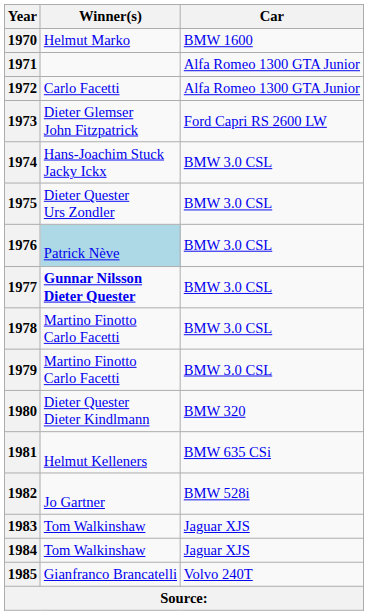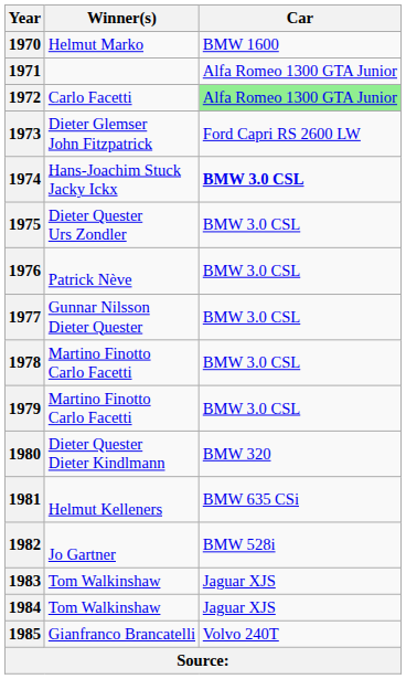 <table class="wikitable" style="font-size: 95%;">
 <tr>
 <th>Year</th>
 <th>Winner(s)</th>
 <th>Car</th>
 </tr>
 <tr>
 <th>1970</th>
 <td> <a href='#'>Helmut Marko</a></td>
 <td><a href='#'>BMW 1600</a></td>
 </tr>
 <tr>
 <th>1971</th>
 <td> </td>
 <td><a href='#'>Alfa Romeo 1300 GTA Junior</a></td>
 </tr>
 <tr>
 <th>1972</th>
 <td> <a href='#'>Carlo Facetti</a></td>
-<td><a href='#'>Alfa Romeo 1300 GTA Junior</a></td>
+<td style="background: lightgreen;"><a href='#'>Alfa Romeo 1300 GTA Junior</a></td>
 </tr>
 <tr>
 <th>1973</th>
 <td> <a href='#'>Dieter Glemser</a><br> <a href='#'>John Fitzpatrick</a></td>
 <td><a href='#'>Ford Capri RS 2600 LW</a></td>
 </tr>
 <tr>
 <th>1974</th>
 <td> <a href='#'>Hans-Joachim Stuck</a><br> <a href='#'>Jacky Ickx</a></td>
-<td><a href='#'>BMW 3.0 CSL</a></td>
+<td><strong><a href='#'>BMW 3.0 CSL</a></strong></td>
 </tr>
 <tr>
 <th>1975</th>
 <td> <a href='#'>Dieter Quester</a><br> <a href='#'>Urs Zondler</a></td>
 <td><a href='#'>BMW 3.0 CSL</a></td>
 </tr>
 <tr>
 <th>1976</th>
-<td style="background: lightblue;"> <br> <a href='#'>Patrick Nève</a></td>
+<td> <br> <a href='#'>Patrick Nève</a></td>
 <td><a href='#'>BMW 3.0 CSL</a></td>
 </tr>
 <tr>
 <th>1977</th>
-<td><strong> <a href='#'>Gunnar Nilsson</a><br> <a href='#'>Dieter Quester</a></strong></td>
+<td> <a href='#'>Gunnar Nilsson</a><br> <a href='#'>Dieter Quester</a></td>
 <td><a href='#'>BMW 3.0 CSL</a></td>
 </tr>
 <tr>
 <th>1978</th>
 <td> <a href='#'>Martino Finotto</a><br> <a href='#'>Carlo Facetti</a></td>
 <td><a href='#'>BMW 3.0 CSL</a></td>
 </tr>
 <tr>
 <th>1979</th>
 <td> <a href='#'>Martino Finotto</a><br> <a href='#'>Carlo Facetti</a></td>
 <td><a href='#'>BMW 3.0 CSL</a></td>
 </tr>
 <tr>
 <th>1980</th>
 <td> <a href='#'>Dieter Quester</a><br> <a href='#'>Dieter Kindlmann</a></td>
 <td><a href='#'>BMW 320</a></td>
 </tr>
 <tr>
 <th>1981</th>
 <td> <br> <a href='#'>Helmut Kelleners</a></td>
 <td><a href='#'>BMW 635 CSi</a></td>
 </tr>
 <tr>
 <th>1982</th>
 <td> <br> <a href='#'>Jo Gartner</a></td>
 <td><a href='#'>BMW 528i</a></td>
 </tr>
 <tr>
 <th>1983</th>
 <td> <a href='#'>Tom Walkinshaw</a><br> </td>
 <td><a href='#'>Jaguar XJS</a></td>
 </tr>
 <tr>
 <th>1984</th>
 <td> <a href='#'>Tom Walkinshaw</a><br> </td>
 <td><a href='#'>Jaguar XJS</a></td>
 </tr>
 <tr>
 <th>1985</th>
 <td> <a href='#'>Gianfranco Brancatelli</a><br> </td>
 <td><a href='#'>Volvo 240T</a></td>
 </tr>
 <tr>
 <th colspan=3>Source:</th>
 </tr>
 </table>
